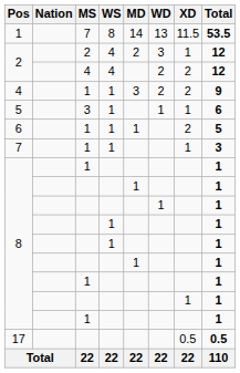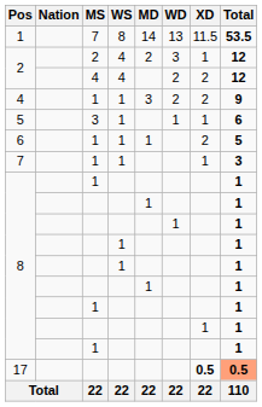 <table class="wikitable" style="text-align:center">
 <tr>
 <th>Pos</th>
 <th>Nation</th>
 <th>MS</th>
 <th>WS</th>
 <th>MD</th>
 <th>WD</th>
 <th>XD</th>
 <th>Total</th>
 </tr>
 <tr>
 <td>1</td>
 <td align=left><strong></strong></td>
 <td>7</td>
 <td>8</td>
 <td>14</td>
 <td>13</td>
 <td>11.5</td>
 <td><strong>53.5</strong></td>
 </tr>
 <tr>
 <td rowspan=2>2</td>
 <td align=left></td>
 <td>2</td>
 <td>4</td>
 <td>2</td>
 <td>3</td>
 <td>1</td>
 <td><strong>12</strong></td>
 </tr>
 <tr>
 <td align=left></td>
 <td>4</td>
 <td>4</td>
 <td></td>
 <td>2</td>
 <td>2</td>
 <td><strong>12</strong></td>
 </tr>
 <tr>
 <td>4</td>
 <td align=left></td>
 <td>1</td>
 <td>1</td>
 <td>3</td>
 <td>2</td>
 <td>2</td>
 <td><strong>9</strong></td>
 </tr>
 <tr>
 <td>5</td>
 <td align=left></td>
 <td>3</td>
 <td>1</td>
 <td></td>
 <td>1</td>
 <td>1</td>
 <td><strong>6</strong></td>
 </tr>
 <tr>
 <td>6</td>
 <td align=left></td>
 <td>1</td>
 <td>1</td>
 <td>1</td>
 <td></td>
 <td>2</td>
 <td><strong>5</strong></td>
 </tr>
 <tr>
 <td>7</td>
 <td align=left></td>
 <td>1</td>
 <td>1</td>
 <td></td>
 <td></td>
 <td>1</td>
 <td><strong>3</strong></td>
 </tr>
 <tr>
 <td rowspan=9>8</td>
 <td align=left></td>
 <td>1</td>
 <td></td>
 <td></td>
 <td></td>
 <td></td>
 <td><strong>1</strong></td>
 </tr>
 <tr>
 <td align=left></td>
 <td></td>
 <td></td>
 <td>1</td>
 <td></td>
 <td></td>
 <td><strong>1</strong></td>
 </tr>
 <tr>
 <td align=left></td>
 <td></td>
 <td></td>
 <td></td>
 <td>1</td>
 <td></td>
 <td><strong>1</strong></td>
 </tr>
 <tr>
 <td align=left></td>
 <td></td>
 <td>1</td>
 <td></td>
 <td></td>
 <td></td>
 <td><strong>1</strong></td>
 </tr>
 <tr>
 <td align=left></td>
 <td></td>
 <td>1</td>
 <td></td>
 <td></td>
 <td></td>
 <td><strong>1</strong></td>
 </tr>
 <tr>
 <td align=left></td>
 <td></td>
 <td></td>
 <td>1</td>
 <td></td>
 <td></td>
 <td><strong>1</strong></td>
 </tr>
 <tr>
 <td align=left></td>
 <td>1</td>
 <td></td>
 <td></td>
 <td></td>
 <td></td>
 <td><strong>1</strong></td>
 </tr>
 <tr>
 <td align=left></td>
 <td></td>
 <td></td>
 <td></td>
 <td></td>
 <td>1</td>
 <td><strong>1</strong></td>
 </tr>
 <tr>
 <td align=left></td>
 <td>1</td>
 <td></td>
 <td></td>
 <td></td>
 <td></td>
 <td><strong>1</strong></td>
 </tr>
 <tr>
 <td>17</td>
 <td align=left></td>
 <td></td>
 <td></td>
 <td></td>
 <td></td>
-<td>0.5</td>
 <td><strong>0.5</strong></td>
+<td style="background: lightsalmon;"><strong>0.5</strong></td>
 </tr>
 <tr>
 <th colspan="2">Total</th>
 <th>22</th>
 <th>22</th>
 <th>22</th>
 <th>22</th>
 <th>22</th>
 <th>110</th>
 </tr>
 </table>
